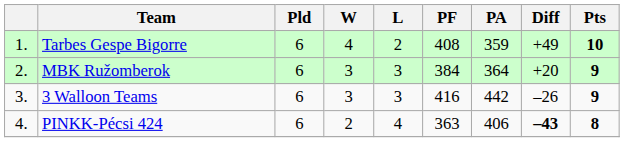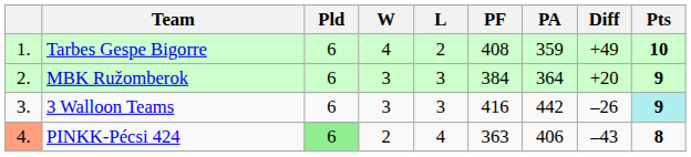 <table class="wikitable" style="text-align:center">
 <tr>
 <th width=25></th>
 <th width=220>Team</th>
 <th width=40>Pld</th>
 <th width=40>W</th>
 <th width=40>L</th>
 <th width=40>PF</th>
 <th width=40>PA</th>
 <th width=40>Diff</th>
 <th width=40>Pts</th>
 </tr>
 <tr style="background:#cfc;">
 <td>1.</td>
 <td align=left> <a href='#'>Tarbes Gespe Bigorre</a></td>
 <td>6</td>
 <td>4</td>
 <td>2</td>
 <td>408</td>
 <td>359</td>
 <td>+49</td>
 <td><strong>10</strong></td>
 </tr>
 <tr style="background:#cfc;">
 <td>2.</td>
 <td align=left> <a href='#'>MBK Ružomberok</a></td>
 <td>6</td>
 <td>3</td>
 <td>3</td>
 <td>384</td>
 <td>364</td>
 <td>+20</td>
 <td><strong>9</strong></td>
 </tr>
 <tr>
 <td>3.</td>
 <td align=left> <a href='#'>3 Walloon Teams</a></td>
 <td>6</td>
 <td>3</td>
 <td>3</td>
 <td>416</td>
 <td>442</td>
 <td>–26</td>
-<td><strong>9</strong></td>
+<td style="background: paleturquoise;"><strong>9</strong></td>
 </tr>
 <tr>
-<td>4.</td>
+<td style="background: lightsalmon;">4.</td>
 <td align=left> <a href='#'>PINKK-Pécsi 424</a></td>
-<td>6</td>
+<td style="background: lightgreen;">6</td>
 <td>2</td>
 <td>4</td>
 <td>363</td>
 <td>406</td>
-<td><strong>–43</strong></td>
+<td>–43</td>
 <td><strong>8</strong></td>
 </tr>
 <tr>
 </tr>
 </table>
